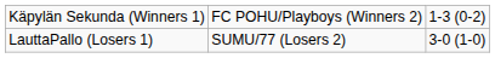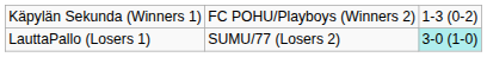 <table class="wikitable">
 <tr>
 <td>Käpylän Sekunda (Winners 1)</td>
 <td>FC POHU/Playboys (Winners 2)</td>
 <td>1-3 (0-2)</td>
 </tr>
 <tr>
 <td>LauttaPallo (Losers 1)</td>
 <td>SUMU/77 (Losers 2)</td>
-<td>3-0 (1-0)</td>
+<td style="background: paleturquoise;">3-0 (1-0)</td>
 </tr>
 </table>
